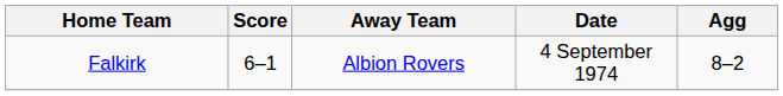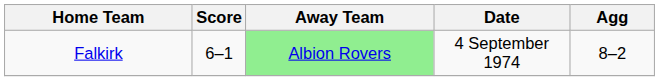 <table class="wikitable" style="text-align:center;">
 <tr>
 <th width=175>Home Team</th>
 <th width=20>Score</th>
 <th width=175>Away Team</th>
 <th width= 125>Date</th>
 <th width= 75>Agg</th>
 </tr>
 <tr>
 <td><a href='#'>Falkirk</a></td>
 <td>6–1</td>
-<td><a href='#'>Albion Rovers</a></td>
+<td style="background: lightgreen;"><a href='#'>Albion Rovers</a></td>
 <td>4 September 1974</td>
 <td>8–2</td>
 </tr>
 <tr>
 </tr>
 </table>
